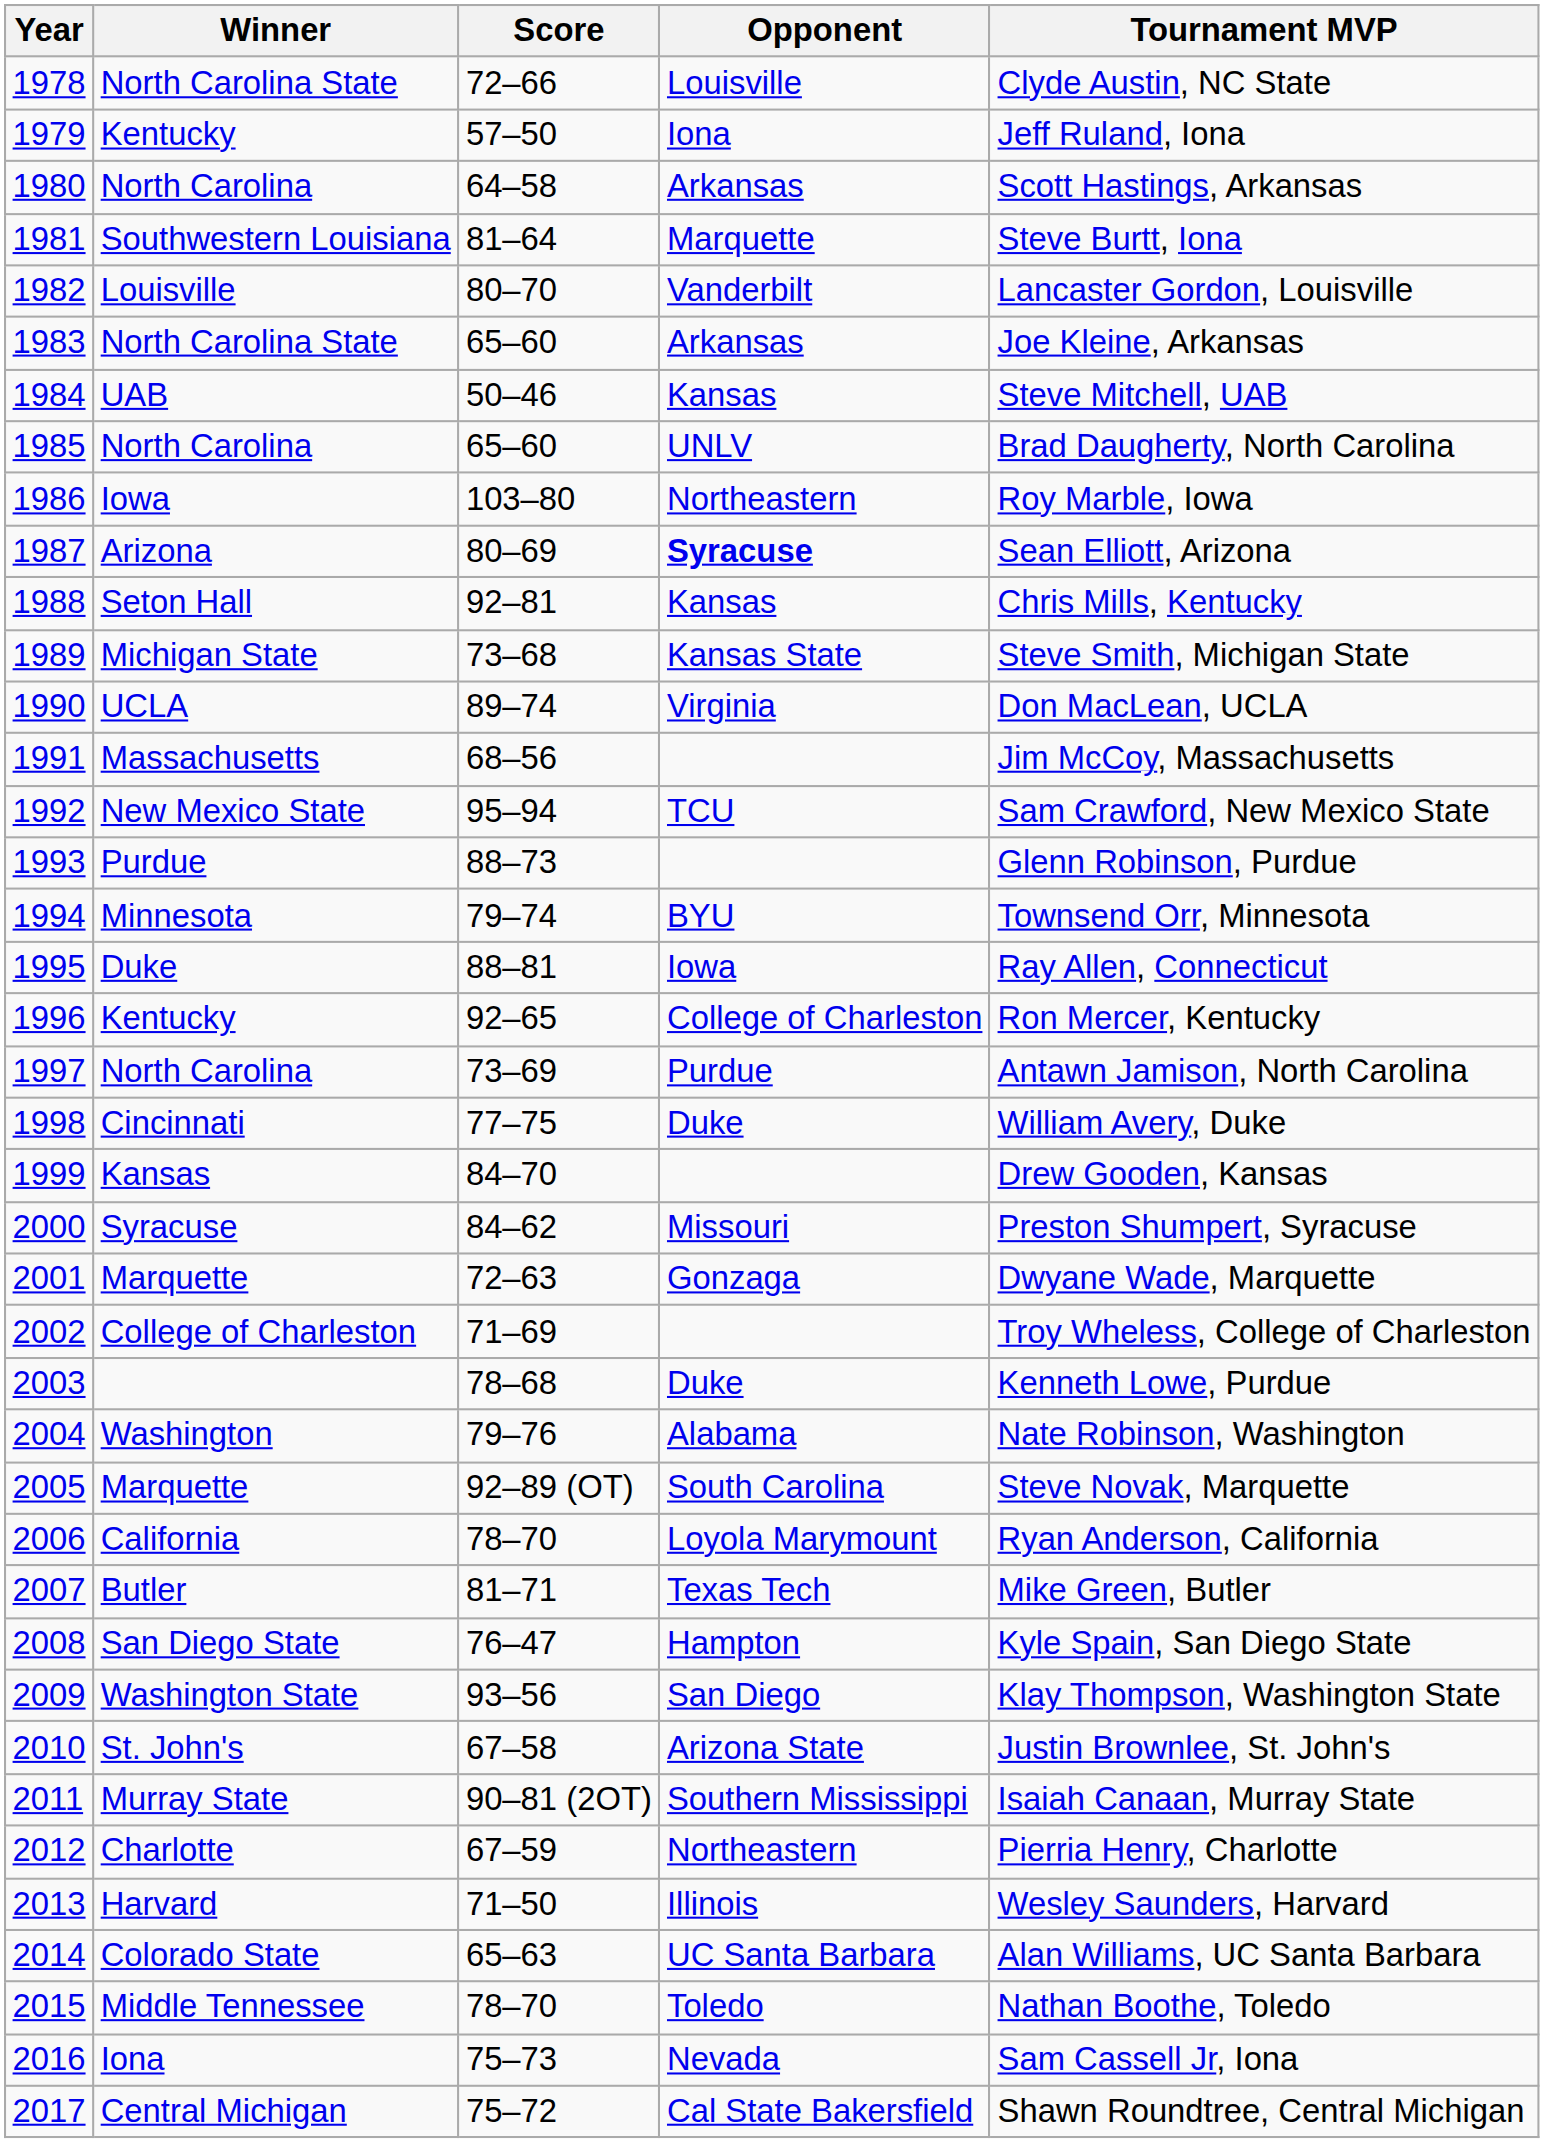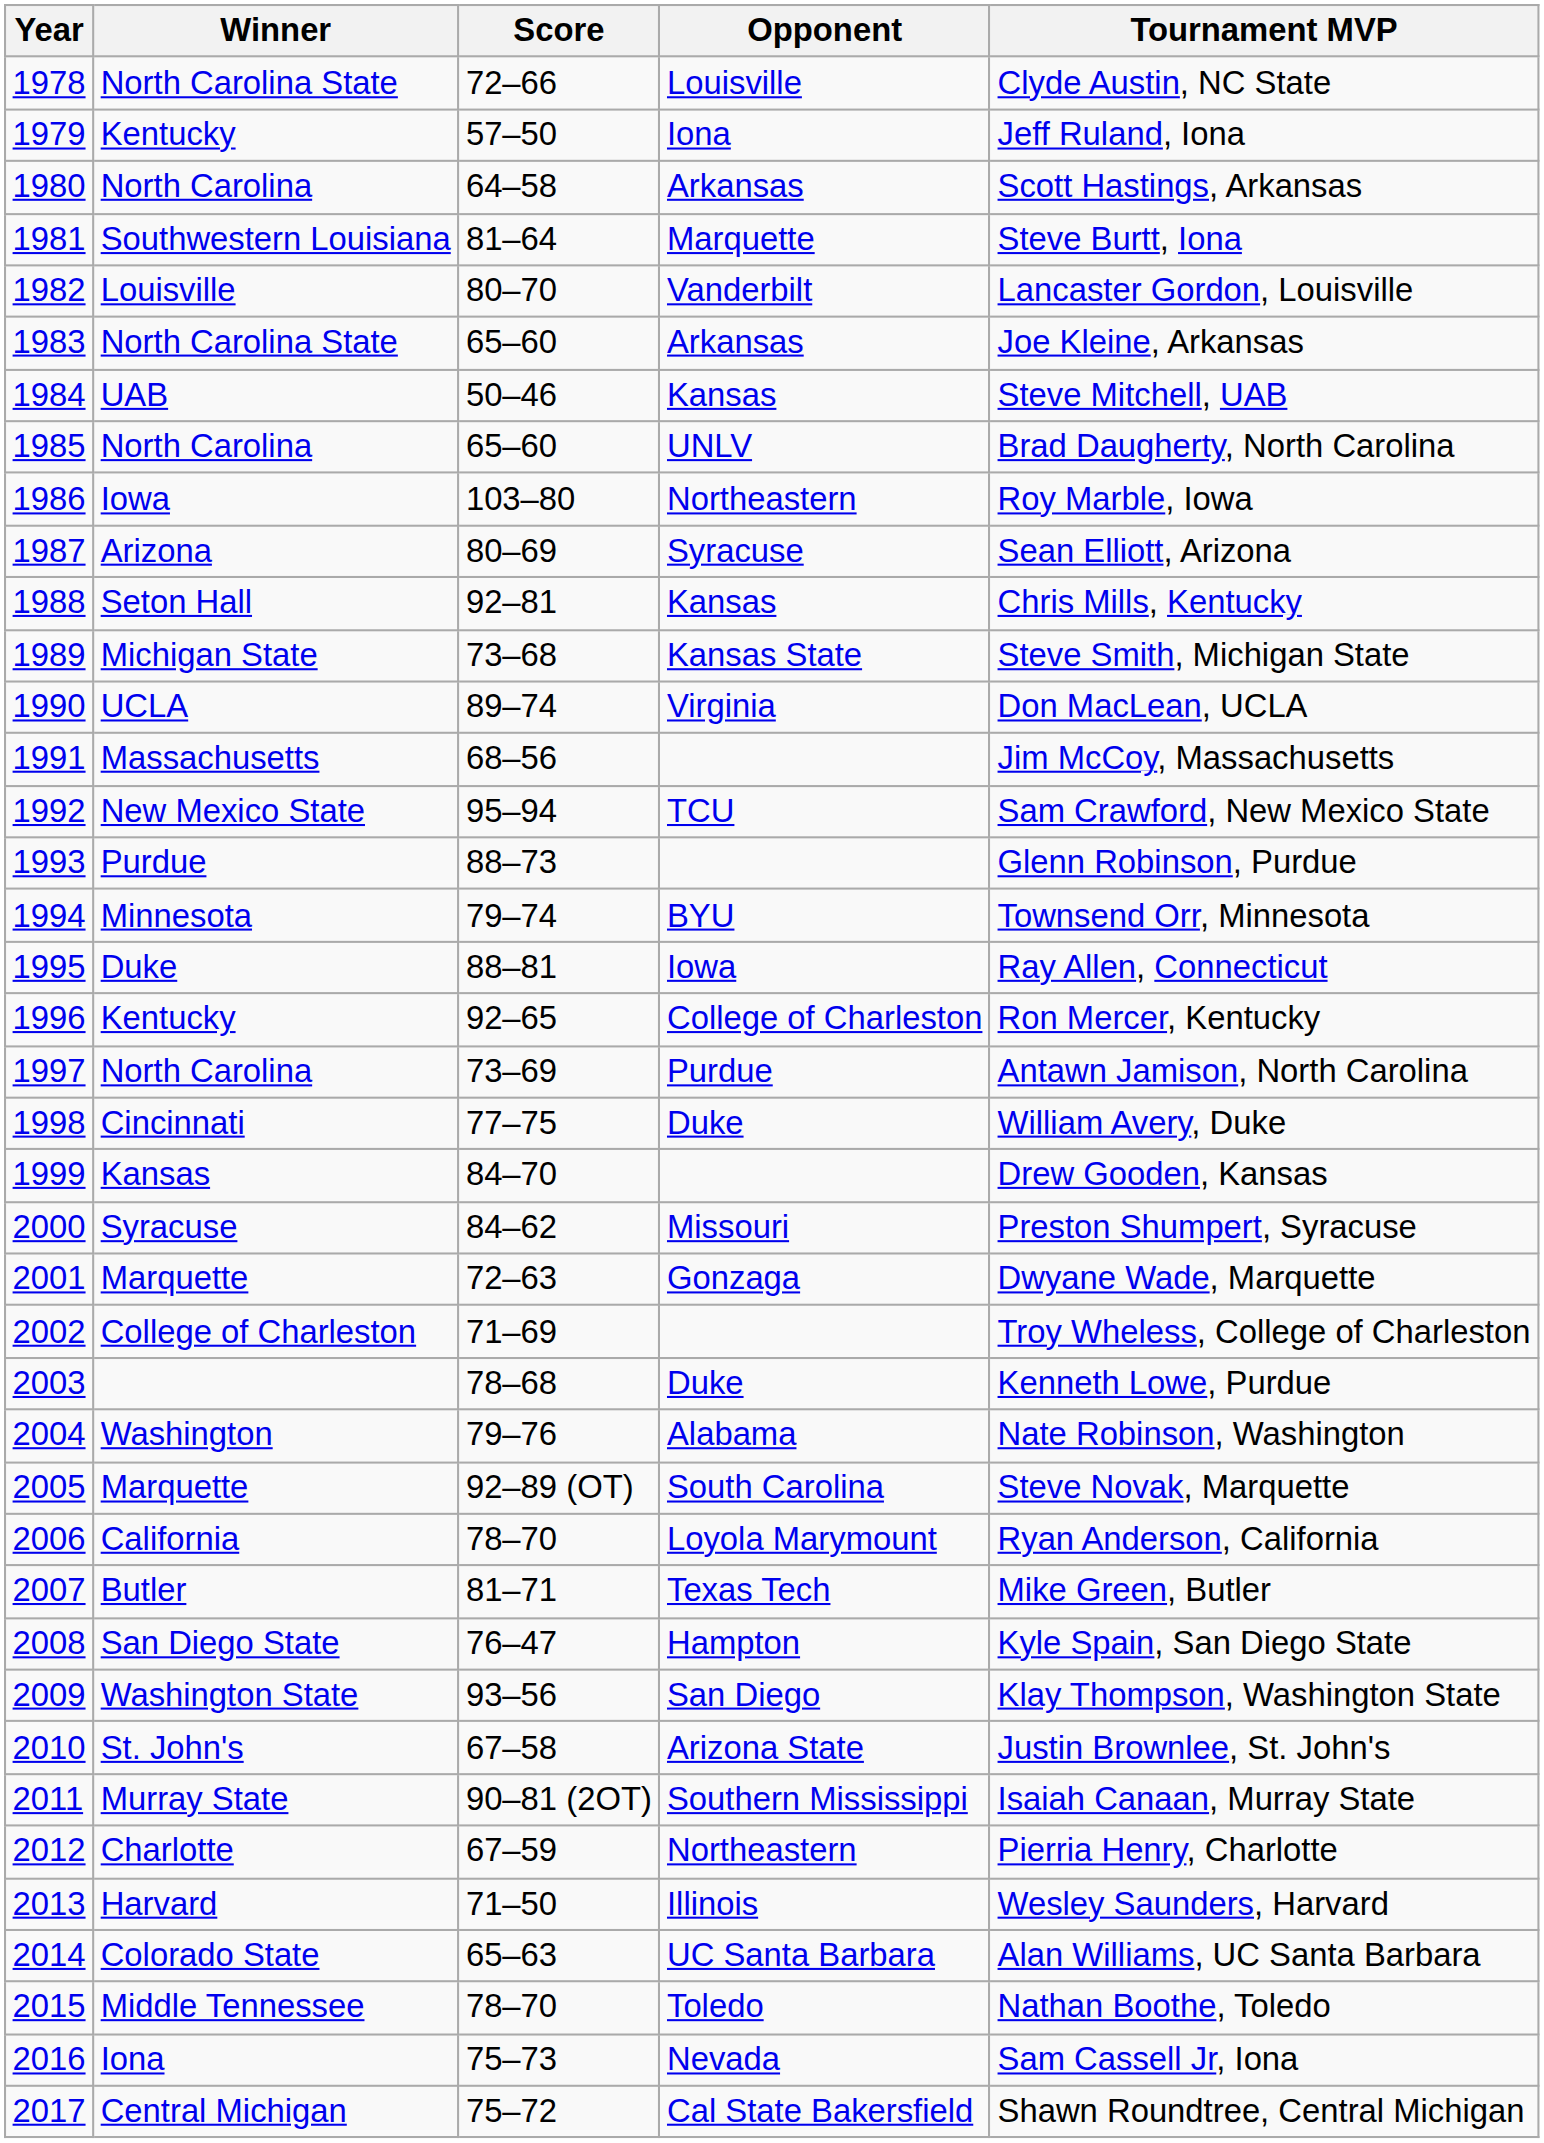 <table class="wikitable">
 <tr>
 <th>Year</th>
 <th>Winner</th>
 <th>Score</th>
 <th>Opponent</th>
 <th>Tournament MVP</th>
 </tr>
 <tr>
 <td><a href='#'>1978</a></td>
 <td><a href='#'>North Carolina State</a></td>
 <td>72–66</td>
 <td><a href='#'>Louisville</a></td>
 <td><a href='#'>Clyde Austin</a>, NC State</td>
 </tr>
 <tr>
 <td><a href='#'>1979</a></td>
 <td><a href='#'>Kentucky</a></td>
 <td>57–50</td>
 <td><a href='#'>Iona</a></td>
 <td><a href='#'>Jeff Ruland</a>, Iona</td>
 </tr>
 <tr>
 <td><a href='#'>1980</a></td>
 <td><a href='#'>North Carolina</a></td>
 <td>64–58</td>
 <td><a href='#'>Arkansas</a></td>
 <td><a href='#'>Scott Hastings</a>, Arkansas</td>
 </tr>
 <tr>
 <td><a href='#'>1981</a></td>
 <td><a href='#'>Southwestern Louisiana</a></td>
 <td>81–64</td>
 <td><a href='#'>Marquette</a></td>
 <td><a href='#'>Steve Burtt</a>, <a href='#'>Iona</a></td>
 </tr>
 <tr>
 <td><a href='#'>1982</a></td>
 <td><a href='#'>Louisville</a></td>
 <td>80–70</td>
 <td><a href='#'>Vanderbilt</a></td>
 <td><a href='#'>Lancaster Gordon</a>, Louisville</td>
 </tr>
 <tr>
 <td><a href='#'>1983</a></td>
 <td><a href='#'>North Carolina State</a></td>
 <td>65–60</td>
 <td><a href='#'>Arkansas</a></td>
 <td><a href='#'>Joe Kleine</a>, Arkansas</td>
 </tr>
 <tr>
 <td><a href='#'>1984</a></td>
 <td><a href='#'>UAB</a></td>
 <td>50–46</td>
 <td><a href='#'>Kansas</a></td>
 <td><a href='#'>Steve Mitchell</a>, <a href='#'>UAB</a></td>
 </tr>
 <tr>
 <td><a href='#'>1985</a></td>
 <td><a href='#'>North Carolina</a></td>
 <td>65–60</td>
 <td><a href='#'>UNLV</a></td>
 <td><a href='#'>Brad Daugherty</a>, North Carolina</td>
 </tr>
 <tr>
 <td><a href='#'>1986</a></td>
 <td><a href='#'>Iowa</a></td>
 <td>103–80</td>
 <td><a href='#'>Northeastern</a></td>
 <td><a href='#'>Roy Marble</a>, Iowa</td>
 </tr>
 <tr>
 <td><a href='#'>1987</a></td>
 <td><a href='#'>Arizona</a></td>
 <td>80–69</td>
-<td><strong><a href='#'>Syracuse</a></strong></td>
+<td><a href='#'>Syracuse</a></td>
 <td><a href='#'>Sean Elliott</a>, Arizona</td>
 </tr>
 <tr>
 <td><a href='#'>1988</a></td>
 <td><a href='#'>Seton Hall</a></td>
 <td>92–81</td>
 <td><a href='#'>Kansas</a></td>
 <td><a href='#'>Chris Mills</a>, <a href='#'>Kentucky</a></td>
 </tr>
 <tr>
 <td><a href='#'>1989</a></td>
 <td><a href='#'>Michigan State</a></td>
 <td>73–68</td>
 <td><a href='#'>Kansas State</a></td>
 <td><a href='#'>Steve Smith</a>, Michigan State</td>
 </tr>
 <tr>
 <td><a href='#'>1990</a></td>
 <td><a href='#'>UCLA</a></td>
 <td>89–74</td>
 <td><a href='#'>Virginia</a></td>
 <td><a href='#'>Don MacLean</a>, UCLA</td>
 </tr>
 <tr>
 <td><a href='#'>1991</a></td>
 <td><a href='#'>Massachusetts</a></td>
 <td>68–56</td>
 <td></td>
 <td><a href='#'>Jim McCoy</a>, Massachusetts</td>
 </tr>
 <tr>
 <td><a href='#'>1992</a></td>
 <td><a href='#'>New Mexico State</a></td>
 <td>95–94</td>
 <td><a href='#'>TCU</a></td>
 <td><a href='#'>Sam Crawford</a>, New Mexico State</td>
 </tr>
 <tr>
 <td><a href='#'>1993</a></td>
 <td><a href='#'>Purdue</a></td>
 <td>88–73</td>
 <td></td>
 <td><a href='#'>Glenn Robinson</a>, Purdue</td>
 </tr>
 <tr>
 <td><a href='#'>1994</a></td>
 <td><a href='#'>Minnesota</a></td>
 <td>79–74</td>
 <td><a href='#'>BYU</a></td>
 <td><a href='#'>Townsend Orr</a>, Minnesota</td>
 </tr>
 <tr>
 <td><a href='#'>1995</a></td>
 <td><a href='#'>Duke</a></td>
 <td>88–81</td>
 <td><a href='#'>Iowa</a></td>
 <td><a href='#'>Ray Allen</a>, <a href='#'>Connecticut</a></td>
 </tr>
 <tr>
 <td><a href='#'>1996</a></td>
 <td><a href='#'>Kentucky</a></td>
 <td>92–65</td>
 <td><a href='#'>College of Charleston</a></td>
 <td><a href='#'>Ron Mercer</a>, Kentucky</td>
 </tr>
 <tr>
 <td><a href='#'>1997</a></td>
 <td><a href='#'>North Carolina</a></td>
 <td>73–69</td>
 <td><a href='#'>Purdue</a></td>
 <td><a href='#'>Antawn Jamison</a>, North Carolina</td>
 </tr>
 <tr>
 <td><a href='#'>1998</a></td>
 <td><a href='#'>Cincinnati</a></td>
 <td>77–75</td>
 <td><a href='#'>Duke</a></td>
 <td><a href='#'>William Avery</a>, Duke</td>
 </tr>
 <tr>
 <td><a href='#'>1999</a></td>
 <td><a href='#'>Kansas</a></td>
 <td>84–70</td>
 <td></td>
 <td><a href='#'>Drew Gooden</a>, Kansas</td>
 </tr>
 <tr>
 <td><a href='#'>2000</a></td>
 <td><a href='#'>Syracuse</a></td>
 <td>84–62</td>
 <td><a href='#'>Missouri</a></td>
 <td><a href='#'>Preston Shumpert</a>, Syracuse</td>
 </tr>
 <tr>
 <td><a href='#'>2001</a></td>
 <td><a href='#'>Marquette</a></td>
 <td>72–63</td>
 <td><a href='#'>Gonzaga</a></td>
 <td><a href='#'>Dwyane Wade</a>, Marquette</td>
 </tr>
 <tr>
 <td><a href='#'>2002</a></td>
 <td><a href='#'>College of Charleston</a></td>
 <td>71–69</td>
 <td></td>
 <td><a href='#'>Troy Wheless</a>, College of Charleston</td>
 </tr>
 <tr>
 <td><a href='#'>2003</a></td>
 <td></td>
 <td>78–68</td>
 <td><a href='#'>Duke</a></td>
 <td><a href='#'>Kenneth Lowe</a>, Purdue</td>
 </tr>
 <tr>
 <td><a href='#'>2004</a></td>
 <td><a href='#'>Washington</a></td>
 <td>79–76</td>
 <td><a href='#'>Alabama</a></td>
 <td><a href='#'>Nate Robinson</a>, Washington</td>
 </tr>
 <tr>
 <td><a href='#'>2005</a></td>
 <td><a href='#'>Marquette</a></td>
 <td>92–89 (OT)</td>
 <td><a href='#'>South Carolina</a></td>
 <td><a href='#'>Steve Novak</a>, Marquette</td>
 </tr>
 <tr>
 <td><a href='#'>2006</a></td>
 <td><a href='#'>California</a></td>
 <td>78–70</td>
 <td><a href='#'>Loyola Marymount</a></td>
 <td><a href='#'>Ryan Anderson</a>, California</td>
 </tr>
 <tr>
 <td><a href='#'>2007</a></td>
 <td><a href='#'>Butler</a></td>
 <td>81–71</td>
 <td><a href='#'>Texas Tech</a></td>
 <td><a href='#'>Mike Green</a>, Butler</td>
 </tr>
 <tr>
 <td><a href='#'>2008</a></td>
 <td><a href='#'>San Diego State</a></td>
 <td>76–47</td>
 <td><a href='#'>Hampton</a></td>
 <td><a href='#'>Kyle Spain</a>, San Diego State</td>
 </tr>
 <tr>
 <td><a href='#'>2009</a></td>
 <td><a href='#'>Washington State</a></td>
 <td>93–56</td>
 <td><a href='#'>San Diego</a></td>
 <td><a href='#'>Klay Thompson</a>, Washington State</td>
 </tr>
 <tr>
 <td><a href='#'>2010</a></td>
 <td><a href='#'>St. John's</a></td>
 <td>67–58</td>
 <td><a href='#'>Arizona State</a></td>
 <td><a href='#'>Justin Brownlee</a>, St. John's</td>
 </tr>
 <tr>
 <td><a href='#'>2011</a></td>
 <td><a href='#'>Murray State</a></td>
 <td>90–81 (2OT)</td>
 <td><a href='#'>Southern Mississippi</a></td>
 <td><a href='#'>Isaiah Canaan</a>, Murray State</td>
 </tr>
 <tr>
 <td><a href='#'>2012</a></td>
 <td><a href='#'>Charlotte</a></td>
 <td>67–59</td>
 <td><a href='#'>Northeastern</a></td>
 <td><a href='#'>Pierria Henry</a>, Charlotte</td>
 </tr>
 <tr>
 <td><a href='#'>2013</a></td>
 <td><a href='#'>Harvard</a></td>
 <td>71–50</td>
 <td><a href='#'>Illinois</a></td>
 <td><a href='#'>Wesley Saunders</a>, Harvard</td>
 </tr>
 <tr>
 <td><a href='#'>2014</a></td>
 <td><a href='#'>Colorado State</a></td>
 <td>65–63</td>
 <td><a href='#'>UC Santa Barbara</a></td>
 <td><a href='#'>Alan Williams</a>, UC Santa Barbara</td>
 </tr>
 <tr>
 <td><a href='#'>2015</a></td>
 <td><a href='#'>Middle Tennessee</a></td>
 <td>78–70</td>
 <td><a href='#'>Toledo</a></td>
 <td><a href='#'>Nathan Boothe</a>, Toledo</td>
 </tr>
 <tr>
 <td><a href='#'>2016</a></td>
 <td><a href='#'>Iona</a></td>
 <td>75–73</td>
 <td><a href='#'>Nevada</a></td>
 <td><a href='#'>Sam Cassell Jr</a>, Iona</td>
 </tr>
 <tr>
 <td><a href='#'>2017</a></td>
 <td><a href='#'>Central Michigan</a></td>
 <td>75–72</td>
 <td><a href='#'>Cal State Bakersfield</a></td>
 <td>Shawn Roundtree, Central Michigan</td>
 </tr>
 </table>
